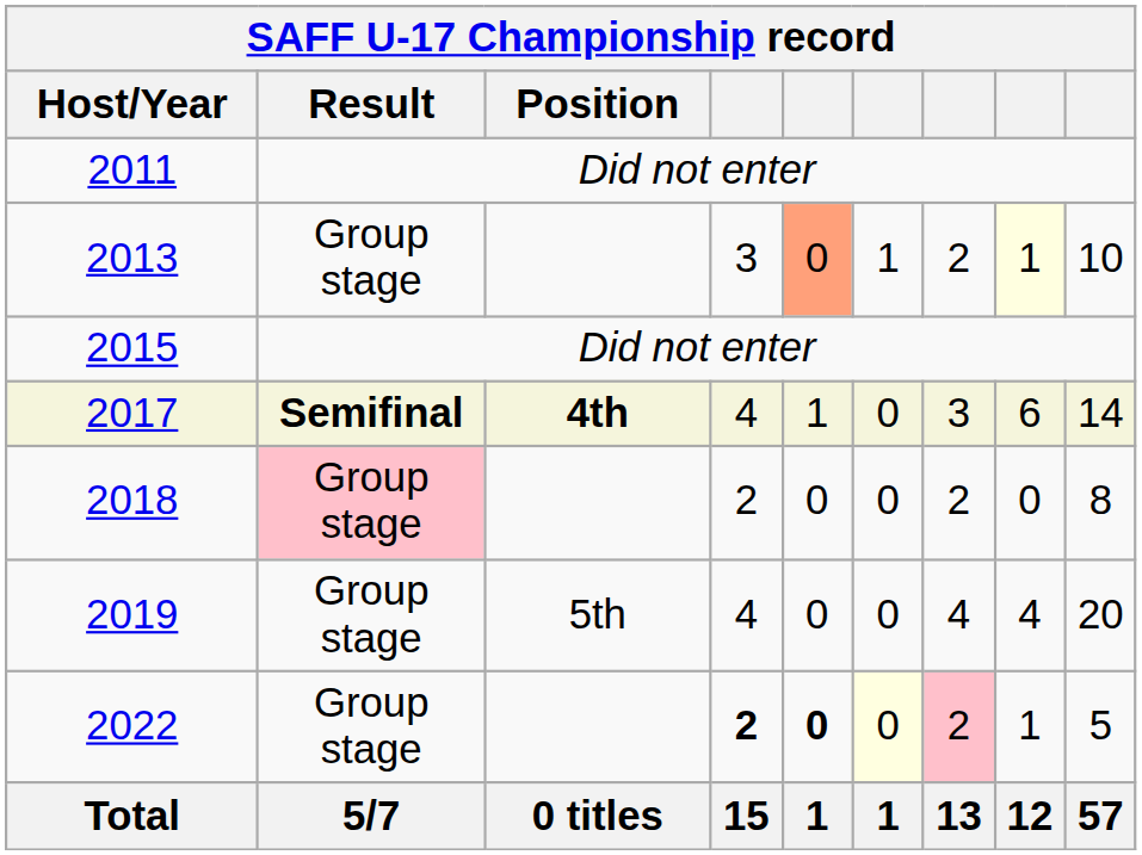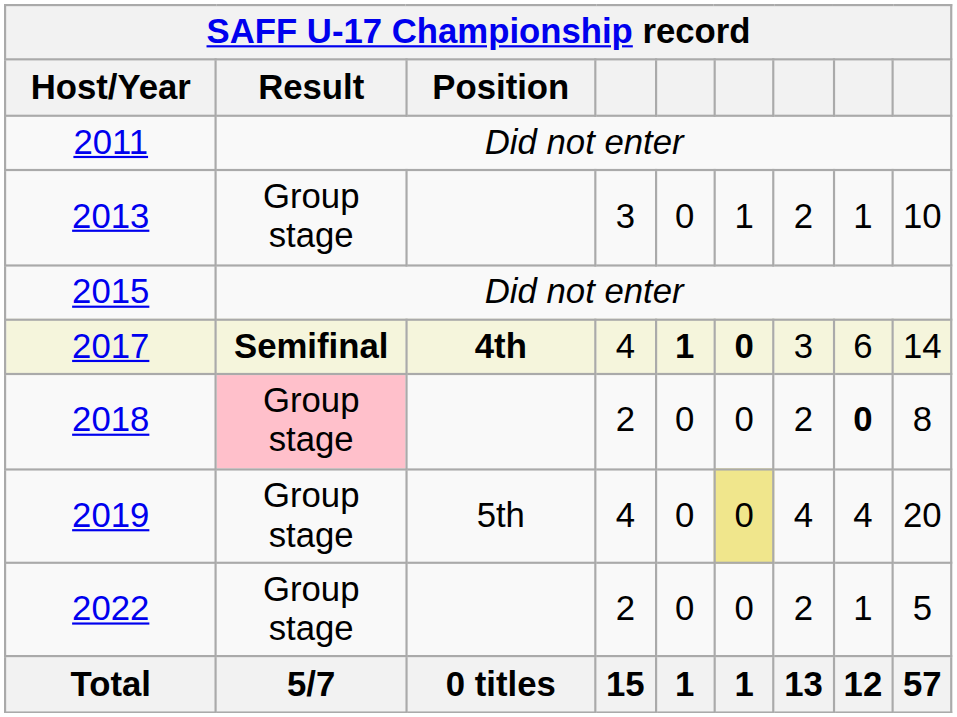 <table class="wikitable collapsible" style="text-align: center;">
 <tr>
 <th colspan="9"><a href='#'>SAFF U-17 Championship</a> record</th>
 </tr>
 <tr>
 <th width="90">Host/Year</th>
 <th width="80">Result</th>
 <th width="80">Position</th>
 <th width="20"></th>
 <th width="20"></th>
 <th width="20"></th>
 <th width="20"></th>
 <th width="20"></th>
 <th width="20"></th>
 </tr>
 <tr>
 <td> <a href='#'>2011</a></td>
 <td colspan="8"><em>Did not enter</em></td>
 </tr>
 <tr>
 <td> <a href='#'>2013</a></td>
 <td>Group stage</td>
 <td></td>
 <td>3</td>
-<td style="background: lightsalmon;">0</td>
+<td>0</td>
 <td>1</td>
 <td>2</td>
-<td style="background: lightyellow;">1</td>
+<td>1</td>
 <td>10</td>
 </tr>
 <tr>
 <td> <a href='#'>2015</a></td>
 <td colspan="8"><em>Did not enter</em></td>
 </tr>
 <tr style="background:beige;">
 <td> <a href='#'>2017</a></td>
 <td><strong>Semifinal</strong></td>
 <td><strong>4th</strong></td>
 <td>4</td>
-<td>1</td>
-<td>0</td>
+<td><strong>1</strong></td>
+<td><strong>0</strong></td>
 <td>3</td>
 <td>6</td>
 <td>14</td>
 </tr>
 <tr>
 <td> <a href='#'>2018</a></td>
 <td style="background: pink;">Group stage</td>
 <td></td>
 <td>2</td>
 <td>0</td>
 <td>0</td>
 <td>2</td>
-<td>0</td>
+<td><strong>0</strong></td>
 <td>8</td>
 </tr>
 <tr>
 <td> <a href='#'>2019</a></td>
 <td>Group stage</td>
 <td>5th</td>
 <td>4</td>
 <td>0</td>
-<td>0</td>
+<td style="background: khaki;">0</td>
 <td>4</td>
 <td>4</td>
 <td>20</td>
 </tr>
 <tr>
 <td> <a href='#'>2022</a></td>
 <td>Group stage</td>
 <td></td>
-<td><strong>2</strong></td>
-<td><strong>0</strong></td>
-<td style="background: lightyellow;">0</td>
-<td style="background: pink;">2</td>
+<td>2</td>
+<td>0</td>
+<td>0</td>
+<td>2</td>
 <td>1</td>
 <td>5</td>
 </tr>
 <tr>
 <th><strong>Total</strong></th>
 <th><strong>5/7</strong></th>
 <th><strong>0 titles</strong></th>
 <th><strong>15</strong></th>
 <th><strong>1</strong></th>
 <th><strong>1</strong></th>
 <th><strong>13 </strong></th>
 <th><strong>12</strong></th>
 <th><strong>57</strong></th>
 </tr>
 </table>
